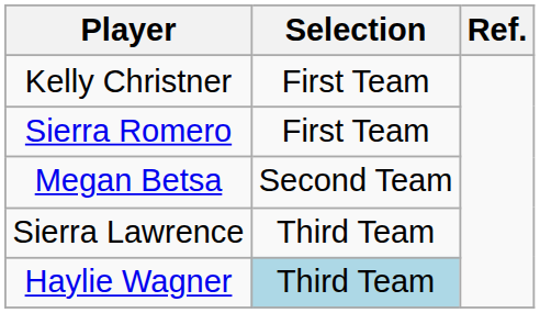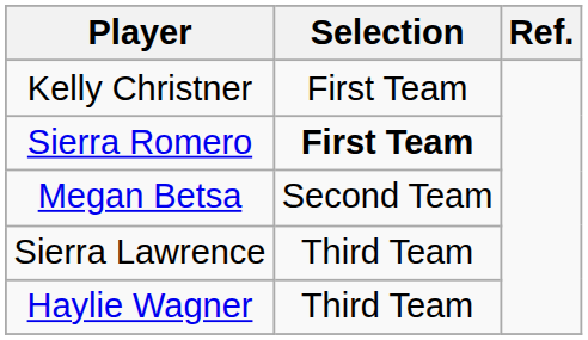 <table class="wikitable sortable sortable" style="text-align: center">
 <tr align=center>
 <th>Player</th>
 <th>Selection</th>
 <th>Ref.</th>
 </tr>
 <tr>
 <td>Kelly Christner</td>
 <td>First Team</td>
 <td rowspan="5"></td>
 </tr>
 <tr>
 <td><a href='#'>Sierra Romero</a></td>
-<td>First Team</td>
+<td><strong>First Team</strong></td>
 </tr>
 <tr>
 <td><a href='#'>Megan Betsa</a></td>
 <td>Second Team</td>
 </tr>
 <tr>
 <td>Sierra Lawrence</td>
 <td>Third Team</td>
 </tr>
 <tr>
 <td><a href='#'>Haylie Wagner</a></td>
-<td style="background: lightblue;">Third Team</td>
+<td>Third Team</td>
 </tr>
 </table>
